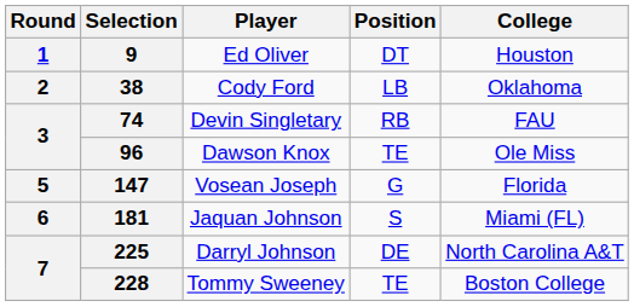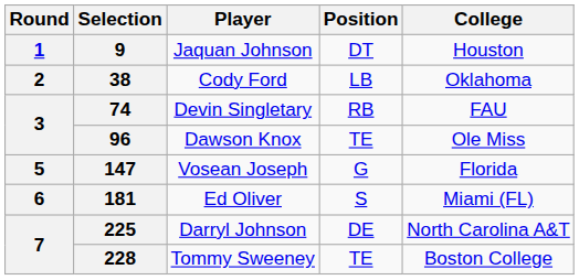 <table class="wikitable" style="text-align:center">
 <tr>
 <th>Round</th>
 <th>Selection</th>
 <th>Player</th>
 <th>Position</th>
 <th>College</th>
 </tr>
 <tr>
 <th><a href='#'>1</a></th>
 <th>9</th>
-<td><a href='#'>Ed Oliver</a></td>
+<td><a href='#'>Jaquan Johnson</a></td>
 <td><a href='#'>DT</a></td>
 <td><a href='#'>Houston</a></td>
 </tr>
 <tr>
 <th>2</th>
 <th>38</th>
 <td><a href='#'>Cody Ford</a></td>
 <td><a href='#'>LB</a></td>
 <td><a href='#'>Oklahoma</a></td>
 </tr>
 <tr>
 <th rowspan="2">3</th>
 <th>74</th>
 <td><a href='#'>Devin Singletary</a></td>
 <td><a href='#'>RB</a></td>
 <td><a href='#'>FAU</a></td>
 </tr>
 <tr>
 <th>96</th>
 <td><a href='#'>Dawson Knox</a></td>
 <td><a href='#'>TE</a></td>
 <td><a href='#'>Ole Miss</a></td>
 </tr>
 <tr>
 <th>5</th>
 <th>147</th>
 <td><a href='#'>Vosean Joseph</a></td>
 <td><a href='#'>G</a></td>
 <td><a href='#'>Florida</a></td>
 </tr>
 <tr>
 <th>6</th>
 <th>181</th>
-<td><a href='#'>Jaquan Johnson</a></td>
+<td><a href='#'>Ed Oliver</a></td>
 <td><a href='#'>S</a></td>
 <td><a href='#'>Miami (FL)</a></td>
 </tr>
 <tr>
 <th rowspan="2">7</th>
 <th>225</th>
 <td><a href='#'>Darryl Johnson</a></td>
 <td><a href='#'>DE</a></td>
 <td><a href='#'>North Carolina A&T</a></td>
 </tr>
 <tr>
 <th>228</th>
 <td><a href='#'>Tommy Sweeney</a></td>
 <td><a href='#'>TE</a></td>
 <td><a href='#'>Boston College</a></td>
 </tr>
 </table>
